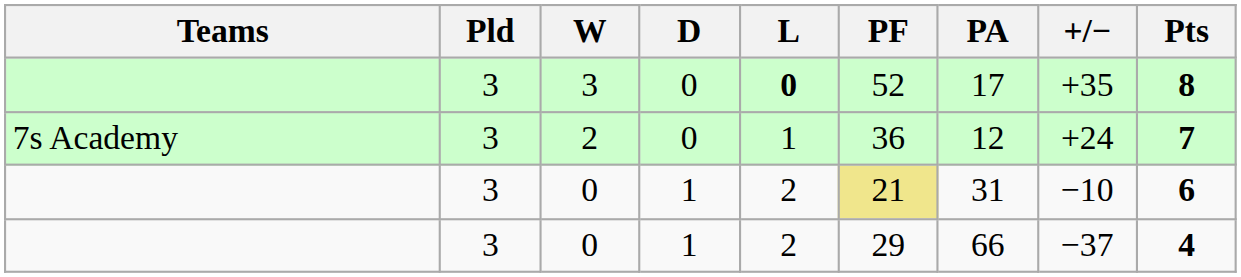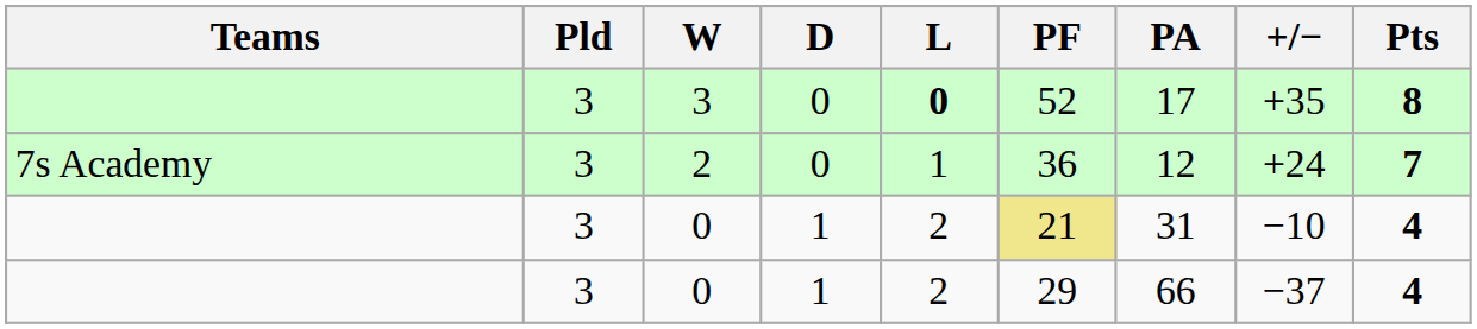 <table class="wikitable" style="text-align: center">
 <tr>
 <th width="200">Teams</th>
 <th width="40">Pld</th>
 <th width="40">W</th>
 <th width="40">D</th>
 <th width="40">L</th>
 <th width="40">PF</th>
 <th width="40">PA</th>
 <th width="40">+/−</th>
 <th width="40">Pts</th>
 </tr>
 <tr bgcolor=ccffcc>
 <td align=left></td>
 <td>3</td>
 <td>3</td>
 <td>0</td>
 <td><strong>0</strong></td>
 <td>52</td>
 <td>17</td>
 <td>+35</td>
 <td><strong>8</strong></td>
 </tr>
 <tr bgcolor=ccffcc>
 <td align=left> 7s Academy</td>
 <td>3</td>
 <td>2</td>
 <td>0</td>
 <td>1</td>
 <td>36</td>
 <td>12</td>
 <td>+24</td>
 <td><strong>7</strong></td>
 </tr>
 <tr>
 <td align=left></td>
 <td>3</td>
 <td>0</td>
 <td>1</td>
 <td>2</td>
 <td style="background: khaki;">21</td>
 <td>31</td>
 <td>−10</td>
-<td><strong>6</strong></td>
+<td><strong>4</strong></td>
 </tr>
 <tr>
 <td align=left></td>
 <td>3</td>
 <td>0</td>
 <td>1</td>
 <td>2</td>
 <td>29</td>
 <td>66</td>
 <td>−37</td>
 <td><strong>4</strong></td>
 </tr>
 </table>
